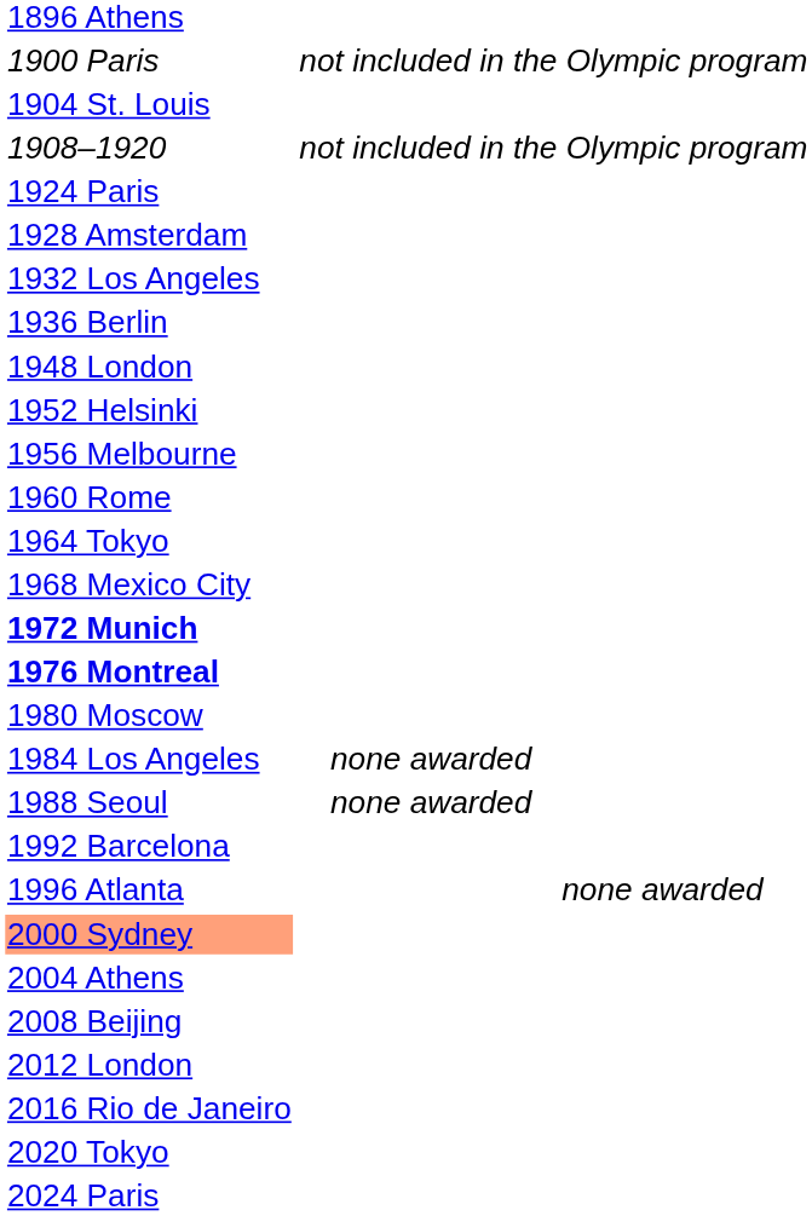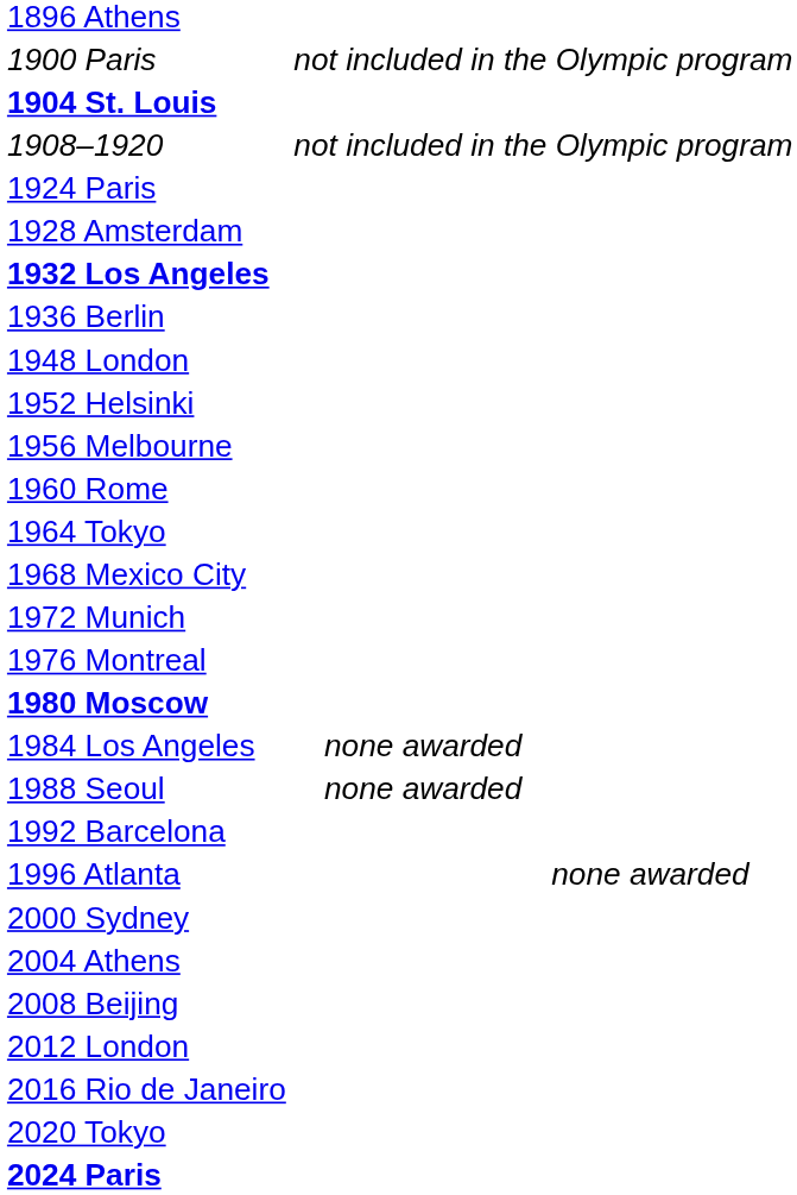 <table>
 <tr>
 <td><a href='#'>1896 Athens</a><br></td>
 <td></td>
 <td></td>
 <td></td>
 </tr>
 <tr>
 <td><em>1900 Paris</em></td>
 <td colspan=3 align=center><em>not included in the Olympic program</em></td>
 </tr>
 <tr>
-<td><a href='#'>1904 St. Louis</a><br></td>
+<td><strong><a href='#'>1904 St. Louis</a><br></strong></td>
 <td></td>
 <td></td>
 <td></td>
 </tr>
 <tr>
 <td><em>1908–1920</em></td>
 <td colspan=3 align=center><em>not included in the Olympic program</em></td>
 </tr>
 <tr>
 <td><a href='#'>1924 Paris</a><br></td>
 <td></td>
 <td></td>
 <td></td>
 </tr>
 <tr>
 <td><a href='#'>1928 Amsterdam</a><br></td>
 <td></td>
 <td></td>
 <td></td>
 </tr>
 <tr>
-<td><a href='#'>1932 Los Angeles</a><br></td>
+<td><strong><a href='#'>1932 Los Angeles</a><br></strong></td>
 <td></td>
 <td></td>
 <td></td>
 </tr>
 <tr>
 <td><a href='#'>1936 Berlin</a><br></td>
 <td></td>
 <td></td>
 <td></td>
 </tr>
 <tr>
 <td><a href='#'>1948 London</a><br></td>
 <td></td>
 <td></td>
 <td></td>
 </tr>
 <tr valign="top">
 <td rowspan="2"><a href='#'>1952 Helsinki</a><br></td>
 <td rowspan="2"></td>
 <td rowspan="2"></td>
 <td></td>
 </tr>
 <tr>
 <td></td>
 </tr>
 <tr valign="top">
 <td rowspan="2"><a href='#'>1956 Melbourne</a><br></td>
 <td rowspan="2"></td>
 <td rowspan="2"></td>
 <td></td>
 </tr>
 <tr>
 <td></td>
 </tr>
 <tr valign="top">
 <td rowspan="2"><a href='#'>1960 Rome</a><br></td>
 <td rowspan="2"></td>
 <td rowspan="2"></td>
 <td></td>
 </tr>
 <tr>
 <td></td>
 </tr>
 <tr>
 <td><a href='#'>1964 Tokyo</a><br></td>
 <td></td>
 <td></td>
 <td></td>
 </tr>
 <tr>
 <td><a href='#'>1968 Mexico City</a><br></td>
 <td></td>
 <td></td>
 <td></td>
 </tr>
 <tr>
-<td><strong><a href='#'>1972 Munich</a><br></strong></td>
+<td><a href='#'>1972 Munich</a><br></td>
 <td></td>
 <td></td>
 <td></td>
 </tr>
 <tr>
-<td><strong><a href='#'>1976 Montreal</a><br></strong></td>
+<td><a href='#'>1976 Montreal</a><br></td>
 <td></td>
 <td></td>
 <td></td>
 </tr>
 <tr>
-<td><a href='#'>1980 Moscow</a><br></td>
+<td><strong><a href='#'>1980 Moscow</a><br></strong></td>
 <td></td>
 <td></td>
 <td></td>
 </tr>
 <tr valign="top">
 <td rowspan="2"><a href='#'>1984 Los Angeles</a><br></td>
 <td></td>
 <td rowspan="2"  align="center"><em>none awarded</em></td>
 <td rowspan="2"></td>
 </tr>
 <tr>
 <td></td>
 </tr>
 <tr valign="top">
 <td rowspan="2"><a href='#'>1988 Seoul</a><br></td>
 <td></td>
 <td rowspan="2"  align="center"><em>none awarded</em></td>
 <td rowspan="2"></td>
 </tr>
 <tr>
 <td></td>
 </tr>
 <tr valign="top">
 <td><a href='#'>1992 Barcelona</a><br></td>
 <td></td>
 <td></td>
 <td><br></td>
 </tr>
 <tr valign="top">
 <td><a href='#'>1996 Atlanta</a><br></td>
 <td></td>
 <td><br></td>
 <td><em>none awarded</em></td>
 </tr>
 <tr>
-<td style="background: lightsalmon;"><a href='#'>2000 Sydney</a><br></td>
+<td><a href='#'>2000 Sydney</a><br></td>
 <td></td>
 <td></td>
 <td></td>
 </tr>
 <tr>
 <td><a href='#'>2004 Athens</a><br></td>
 <td></td>
 <td></td>
 <td></td>
 </tr>
 <tr>
 <td><a href='#'>2008 Beijing</a><br></td>
 <td></td>
 <td></td>
 <td></td>
 </tr>
 <tr>
 <td><a href='#'>2012 London</a><br></td>
 <td></td>
 <td></td>
 <td></td>
 </tr>
 <tr>
 <td><a href='#'>2016 Rio de Janeiro</a><br></td>
 <td></td>
 <td></td>
 <td></td>
 </tr>
 <tr>
 <td><a href='#'>2020 Tokyo</a><br></td>
 <td></td>
 <td></td>
 <td></td>
 </tr>
 <tr>
-<td><a href='#'>2024 Paris</a><br></td>
+<td><strong><a href='#'>2024 Paris</a><br></strong></td>
 <td></td>
 <td></td>
 <td></td>
 </tr>
 <tr>
 </tr>
 </table>
